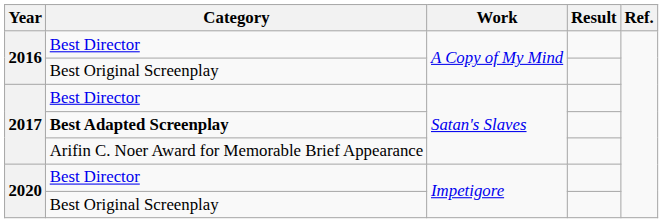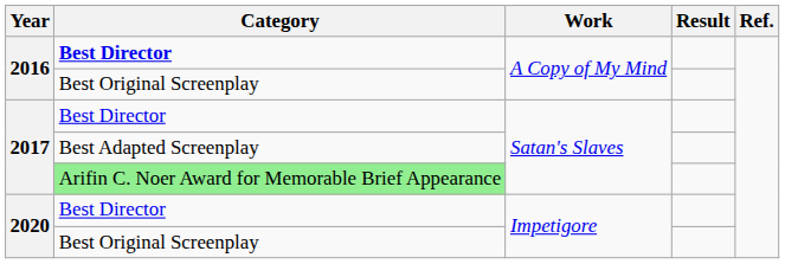 <table class="wikitable plainrowheaders sortable">
 <tr>
 <th>Year</th>
 <th>Category</th>
 <th>Work</th>
 <th>Result</th>
 <th>Ref.</th>
 </tr>
 <tr>
 <th rowspan="2">2016</th>
-<td><a href='#'>Best Director</a></td>
+<td><strong><a href='#'>Best Director</a></strong></td>
 <td rowspan="2"><em><a href='#'>A Copy of My Mind</a></em></td>
 <td></td>
 <td rowspan="7"></td>
 </tr>
 <tr>
 <td>Best Original Screenplay</td>
 <td></td>
 </tr>
 <tr>
 <th rowspan="3">2017</th>
 <td><a href='#'>Best Director</a></td>
 <td rowspan="3"><em><a href='#'>Satan's Slaves</a></em></td>
 <td></td>
 </tr>
 <tr>
-<td><strong>Best Adapted Screenplay</strong></td>
+<td>Best Adapted Screenplay</td>
 <td></td>
 </tr>
 <tr>
-<td>Arifin C. Noer Award for Memorable Brief Appearance</td>
+<td style="background: lightgreen;">Arifin C. Noer Award for Memorable Brief Appearance</td>
 <td></td>
 </tr>
 <tr>
 <th rowspan="2">2020</th>
 <td><a href='#'>Best Director</a></td>
 <td rowspan="2"><em><a href='#'>Impetigore</a></em></td>
 <td></td>
 </tr>
 <tr>
 <td>Best Original Screenplay</td>
 <td></td>
 </tr>
 </table>
